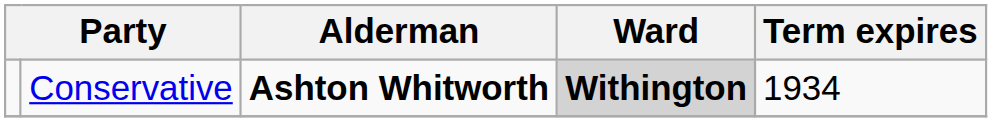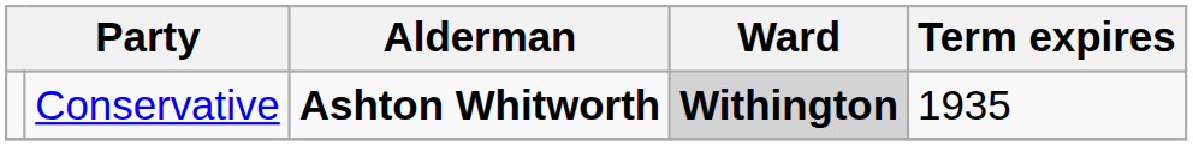 <table class="wikitable">
 <tr>
 <th colspan="2">Party</th>
 <th>Alderman</th>
 <th>Ward</th>
 <th>Term expires</th>
 </tr>
 <tr>
 <td style="background-color:"></td>
 <td><a href='#'>Conservative</a></td>
 <td><strong>Ashton Whitworth</strong></td>
 <td style="background: lightgrey;"><strong>Withington</strong></td>
-<td>1934</td>
+<td>1935</td>
 </tr>
 <tr>
 </tr>
 </table>
